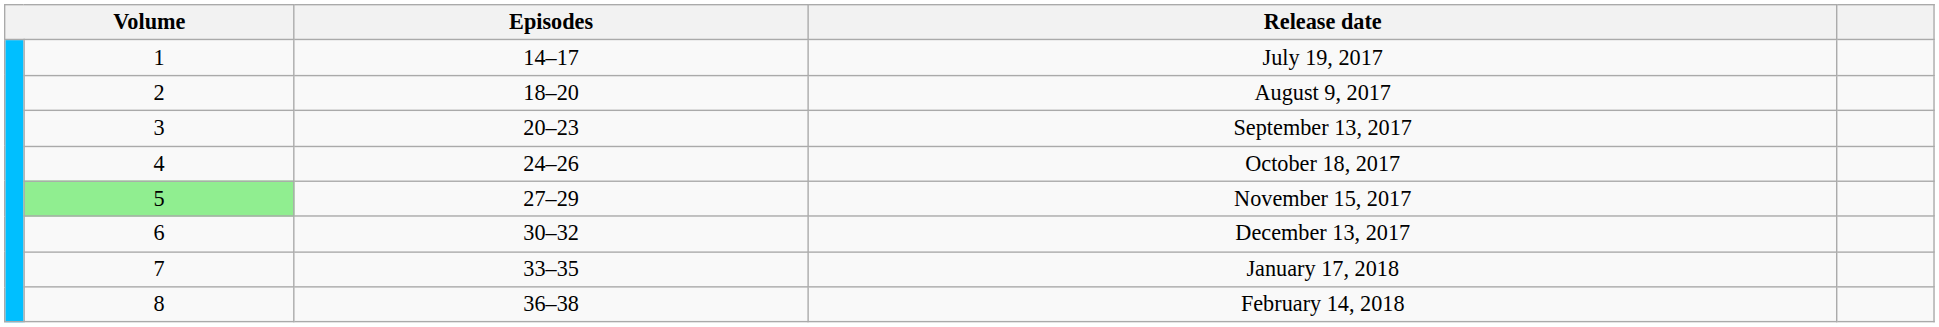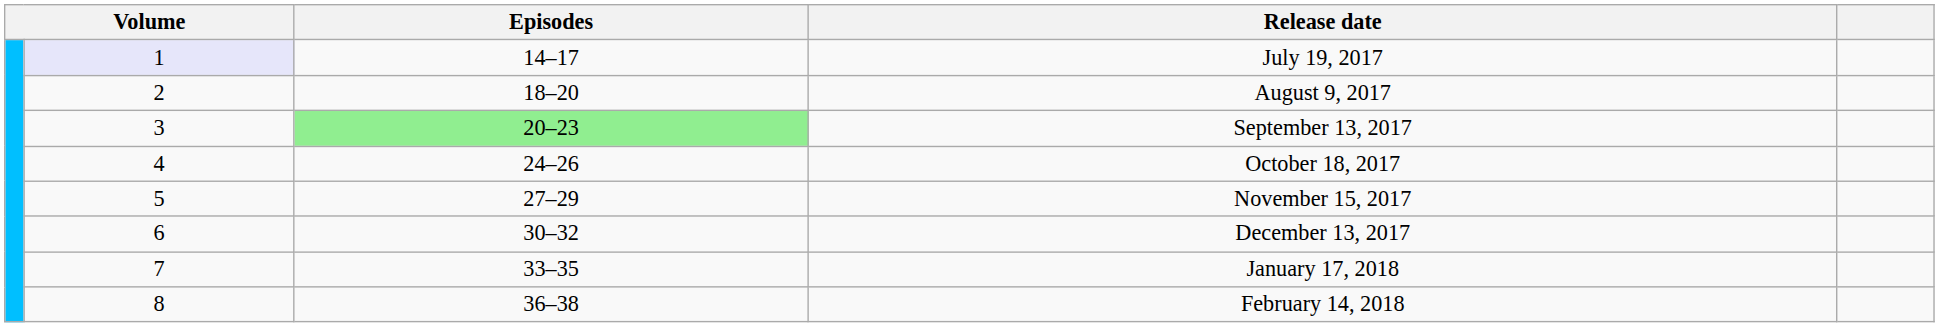 <table class="wikitable" style="text-align:center; width: 70%;">
 <tr>
 <th colspan="2" width="15%">Volume</th>
 <th>Episodes</th>
 <th>Release date</th>
 <th width="5%"></th>
 </tr>
 <tr>
 <td rowspan="8" width="1%" style="background: #00BFFF"></td>
-<td>1</td>
+<td style="background: lavender;">1</td>
 <td>14–17</td>
 <td>July 19, 2017</td>
 <td></td>
 </tr>
 <tr>
 <td>2</td>
 <td>18–20</td>
 <td>August 9, 2017</td>
 <td></td>
 </tr>
 <tr>
 <td>3</td>
-<td>20–23</td>
+<td style="background: lightgreen;">20–23</td>
 <td>September 13, 2017</td>
 <td></td>
 </tr>
 <tr>
 <td>4</td>
 <td>24–26</td>
 <td>October 18, 2017</td>
 <td></td>
 </tr>
 <tr>
-<td style="background: lightgreen;">5</td>
+<td>5</td>
 <td>27–29</td>
 <td>November 15, 2017</td>
 <td></td>
 </tr>
 <tr>
 <td>6</td>
 <td>30–32</td>
 <td>December 13, 2017</td>
 <td></td>
 </tr>
 <tr>
 <td>7</td>
 <td>33–35</td>
 <td>January 17, 2018</td>
 <td></td>
 </tr>
 <tr>
 <td>8</td>
 <td>36–38</td>
 <td>February 14, 2018</td>
 <td></td>
 </tr>
 </table>
